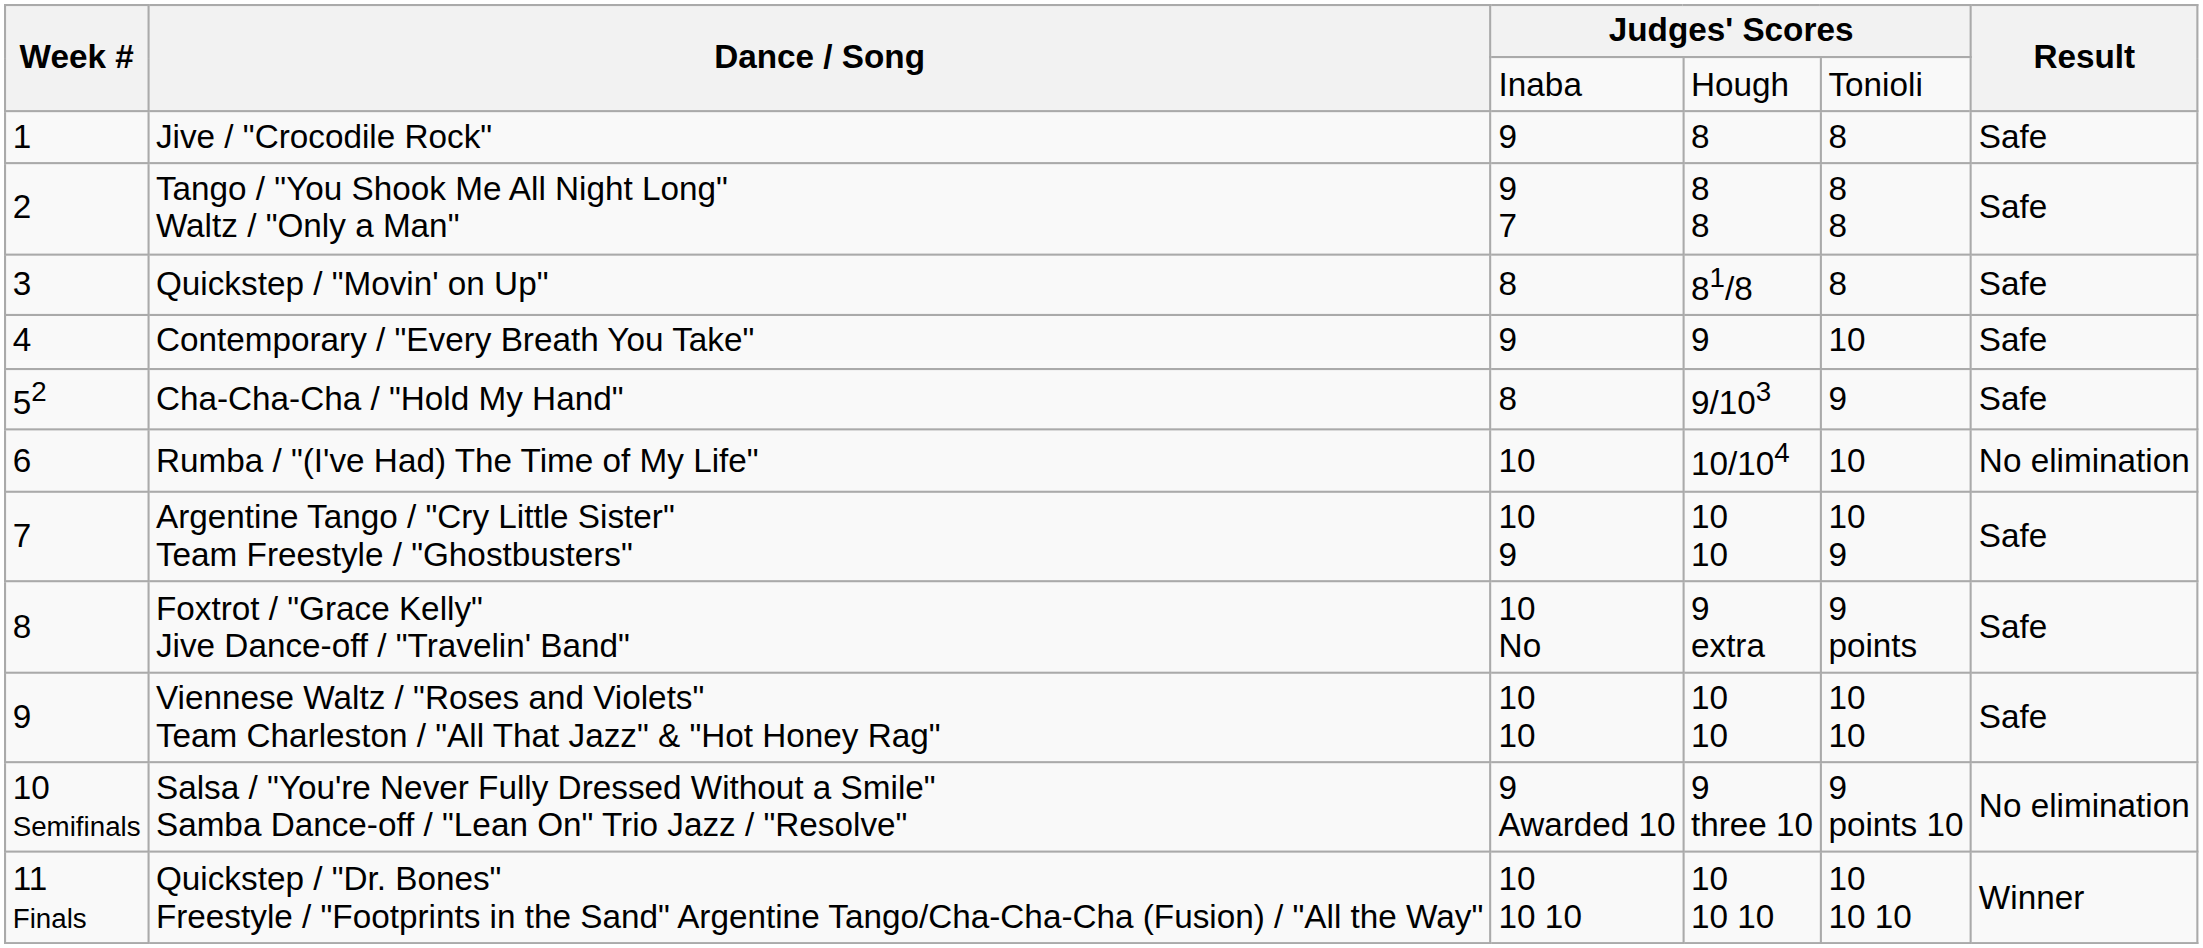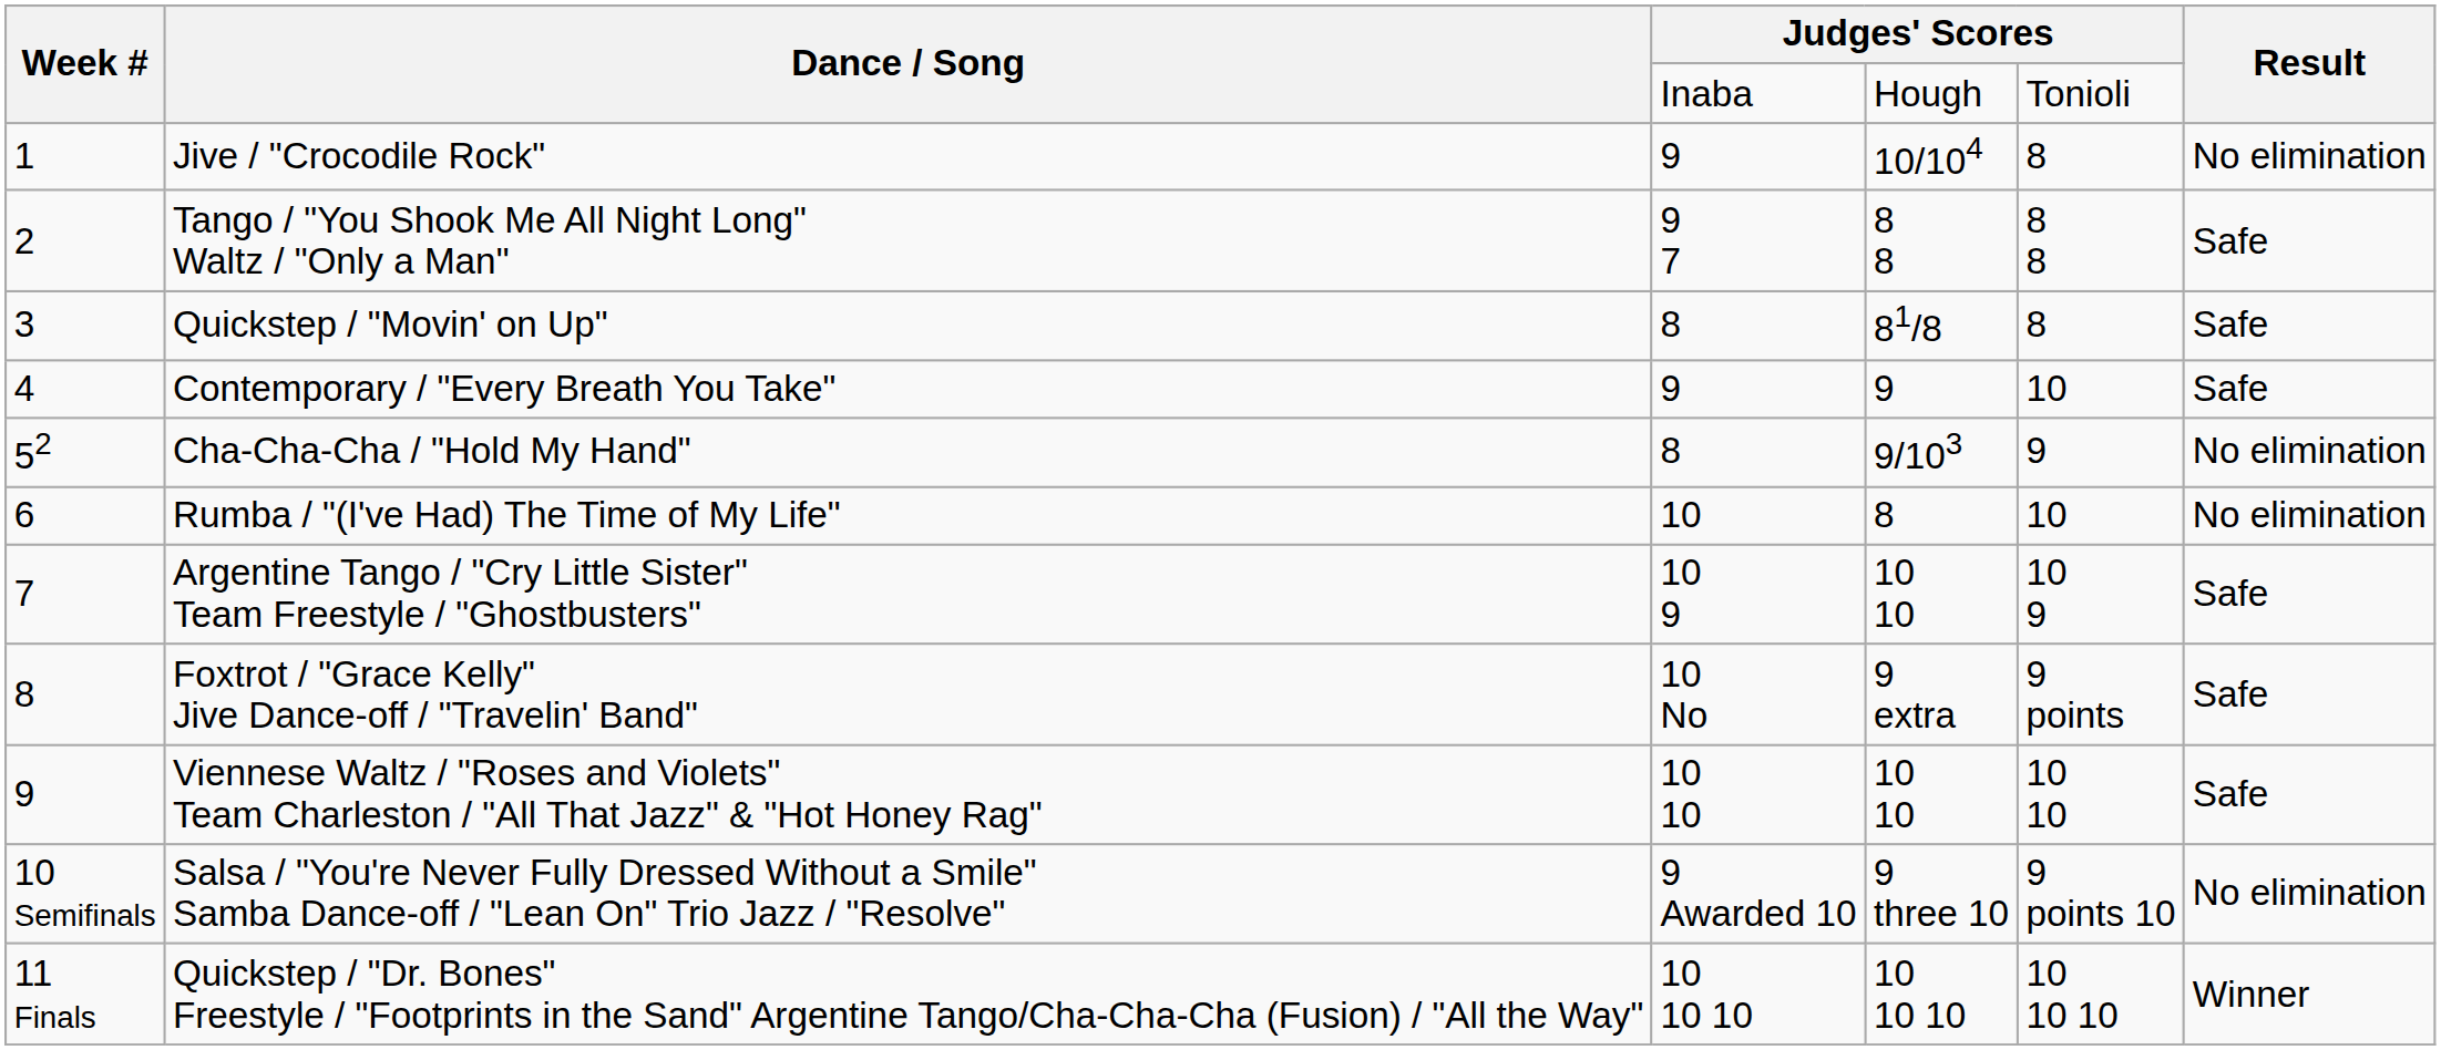 <table class="wikitable">
 <tr>
 <th rowspan="2">Week #</th>
 <th rowspan="2">Dance / Song</th>
 <th colspan="3">Judges' Scores</th>
 <th rowspan="2">Result</th>
 </tr>
 <tr>
 <td>Inaba</td>
 <td>Hough</td>
 <td>Tonioli</td>
 </tr>
 <tr>
 <td>1</td>
 <td>Jive / "Crocodile Rock"</td>
 <td>9</td>
+<td>10/10<sup>4</sup></td>
 <td>8</td>
-<td>8</td>
-<td>Safe</td>
+<td>No elimination</td>
 </tr>
 <tr>
 <td>2</td>
 <td>Tango / "You Shook Me All Night Long"<br>Waltz / "Only a Man"</td>
 <td>9<br>7</td>
 <td>8<br>8</td>
 <td>8<br>8</td>
 <td>Safe</td>
 </tr>
 <tr>
 <td>3</td>
 <td>Quickstep / "Movin' on Up"</td>
 <td>8</td>
 <td>8<sup>1</sup>/8</td>
 <td>8</td>
 <td>Safe</td>
 </tr>
 <tr>
 <td>4</td>
 <td>Contemporary / "Every Breath You Take"</td>
 <td>9</td>
 <td>9</td>
 <td>10</td>
 <td>Safe</td>
 </tr>
 <tr>
 <td>5<sup>2</sup></td>
 <td>Cha-Cha-Cha / "Hold My Hand"</td>
 <td>8</td>
 <td>9/10<sup>3</sup></td>
 <td>9</td>
-<td>Safe</td>
+<td>No elimination</td>
 </tr>
 <tr>
 <td>6</td>
 <td>Rumba / "(I've Had) The Time of My Life"</td>
 <td>10</td>
-<td>10/10<sup>4</sup></td>
+<td>8</td>
 <td>10</td>
 <td>No elimination</td>
 </tr>
 <tr>
 <td>7</td>
 <td>Argentine Tango / "Cry Little Sister"<br>Team Freestyle / "Ghostbusters"</td>
 <td>10<br>9</td>
 <td>10<br>10</td>
 <td>10<br>9</td>
 <td>Safe</td>
 </tr>
 <tr>
 <td>8</td>
 <td>Foxtrot / "Grace Kelly"<br>Jive Dance-off / "Travelin' Band"</td>
 <td>10<br>No</td>
 <td>9<br>extra</td>
 <td>9<br>points</td>
 <td>Safe</td>
 </tr>
 <tr>
 <td>9</td>
 <td>Viennese Waltz / "Roses and Violets"<br>Team Charleston / "All That Jazz" & "Hot Honey Rag"</td>
 <td>10<br>10</td>
 <td>10<br>10</td>
 <td>10<br>10</td>
 <td>Safe</td>
 </tr>
 <tr>
 <td>10<br><small>Semifinals</small></td>
 <td>Salsa / "You're Never Fully Dressed Without a Smile"<br>Samba Dance-off / "Lean On" Trio Jazz / "Resolve"</td>
 <td>9<br>Awarded 10</td>
 <td>9<br>three 10</td>
 <td>9<br>points 10</td>
 <td>No elimination</td>
 </tr>
 <tr>
 <td>11<br><small>Finals</small></td>
 <td>Quickstep / "Dr. Bones"<br>Freestyle / "Footprints in the Sand" Argentine Tango/Cha-Cha-Cha (Fusion) / "All the Way"</td>
 <td>10<br>10 10</td>
 <td>10<br>10 10</td>
 <td>10<br>10 10</td>
 <td>Winner</td>
 </tr>
 </table>
